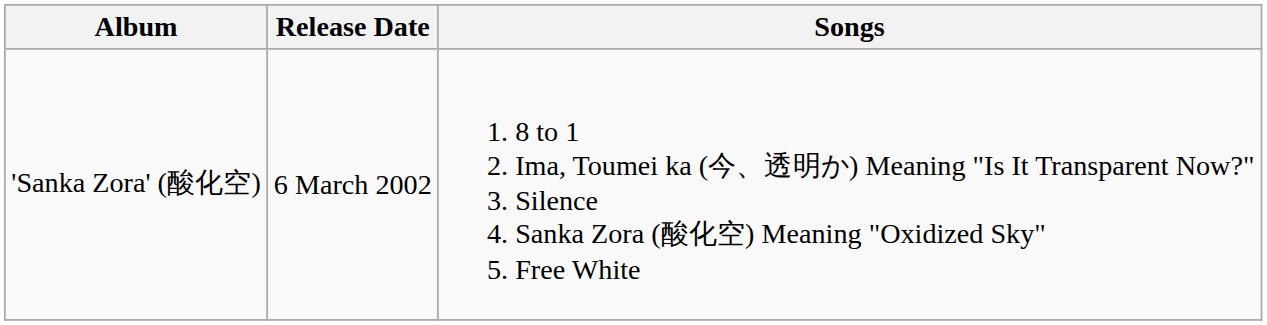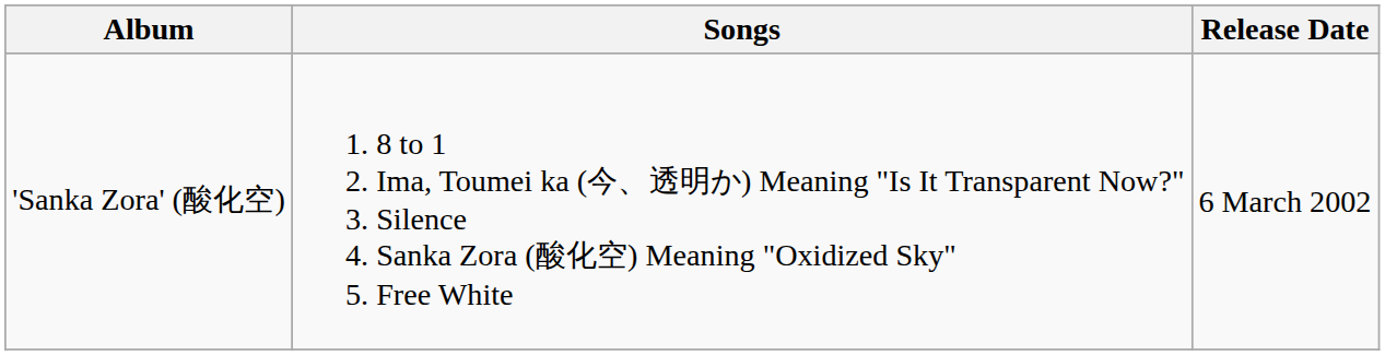 <table class="wikitable">
 <tr>
 <th>Album</th>
+<th>Songs</th>
 <th>Release Date</th>
-<th>Songs</th>
 </tr>
 <tr>
 <td>'Sanka Zora' (酸化空)</td>
+<td><br><ol><li>8 to 1</li><li>Ima, Toumei ka (今、透明か) Meaning "Is It Transparent Now?"</li><li>Silence</li><li>Sanka Zora (酸化空) Meaning "Oxidized Sky"</li><li>Free White</li></ol></td>
 <td>6 March 2002</td>
-<td><br><ol><li>8 to 1</li><li>Ima, Toumei ka (今、透明か) Meaning "Is It Transparent Now?"</li><li>Silence</li><li>Sanka Zora (酸化空) Meaning "Oxidized Sky"</li><li>Free White</li></ol></td>
 </tr>
 </table>
